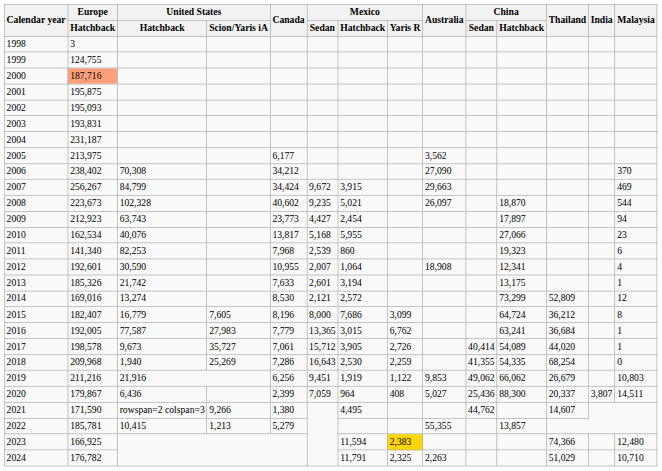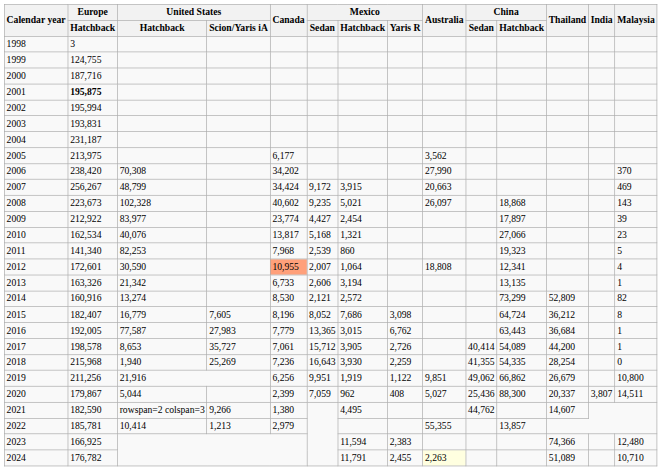 <table class="wikitable" style="text-align:left; font-size:90%;">
 <tr>
 <th rowspan=2>Calendar year</th>
 <th>Europe</th>
 <th colspan=2>United States</th>
 <th rowspan="2">Canada</th>
 <th colspan="3">Mexico</th>
 <th rowspan="2">Australia</th>
 <th colspan="2">China</th>
 <th rowspan="2">Thailand</th>
 <th rowspan="2">India</th>
 <th rowspan="2">Malaysia</th>
 </tr>
 <tr>
 <th>Hatchback</th>
 <th>Hatchback</th>
 <th>Scion/Yaris iA</th>
 <th>Sedan</th>
 <th>Hatchback</th>
 <th>Yaris R</th>
 <th>Sedan</th>
 <th>Hatchback</th>
 </tr>
 <tr>
 <td>1998</td>
 <td>3</td>
 <td></td>
 <td></td>
 <td></td>
 <td></td>
 <td></td>
 <td></td>
 <td></td>
 <td></td>
 <td></td>
 <td></td>
 <td></td>
 <td></td>
 </tr>
 <tr>
 <td>1999</td>
 <td>124,755</td>
 <td></td>
 <td></td>
 <td></td>
 <td></td>
 <td></td>
 <td></td>
 <td></td>
 <td></td>
 <td></td>
 <td></td>
 <td></td>
 <td></td>
 </tr>
 <tr>
 <td>2000</td>
-<td style="background: lightsalmon;">187,716</td>
+<td>187,716</td>
 <td></td>
 <td></td>
 <td></td>
 <td></td>
 <td></td>
 <td></td>
 <td></td>
 <td></td>
 <td></td>
 <td></td>
 <td></td>
 <td></td>
 </tr>
 <tr>
 <td>2001</td>
-<td>195,875</td>
+<td><strong>195,875</strong></td>
 <td></td>
 <td></td>
 <td></td>
 <td></td>
 <td></td>
 <td></td>
 <td></td>
 <td></td>
 <td></td>
 <td></td>
 <td></td>
 <td></td>
 </tr>
 <tr>
 <td>2002</td>
-<td>195,093</td>
+<td>195,994</td>
 <td></td>
 <td></td>
 <td></td>
 <td></td>
 <td></td>
 <td></td>
 <td></td>
 <td></td>
 <td></td>
 <td></td>
 <td></td>
 <td></td>
 </tr>
 <tr>
 <td>2003</td>
 <td>193,831</td>
 <td></td>
 <td></td>
 <td></td>
 <td></td>
 <td></td>
 <td></td>
 <td></td>
 <td></td>
 <td></td>
 <td></td>
 <td></td>
 <td></td>
 </tr>
 <tr>
 <td>2004</td>
 <td>231,187</td>
 <td></td>
 <td></td>
 <td></td>
 <td></td>
 <td></td>
 <td></td>
 <td></td>
 <td></td>
 <td></td>
 <td></td>
 <td></td>
 <td></td>
 </tr>
 <tr>
 <td>2005</td>
 <td>213,975</td>
 <td></td>
 <td></td>
 <td>6,177</td>
 <td></td>
 <td></td>
 <td></td>
 <td>3,562</td>
 <td></td>
 <td></td>
 <td></td>
 <td></td>
 <td></td>
 </tr>
 <tr>
 <td>2006</td>
-<td>238,402</td>
+<td>238,420</td>
 <td>70,308</td>
 <td></td>
-<td>34,212</td>
+<td>34,202</td>
 <td></td>
 <td></td>
 <td></td>
-<td>27,090</td>
+<td>27,990</td>
 <td></td>
 <td></td>
 <td></td>
 <td></td>
 <td>370</td>
 </tr>
 <tr>
 <td>2007</td>
 <td>256,267</td>
-<td>84,799</td>
+<td>48,799</td>
 <td></td>
 <td>34,424</td>
-<td>9,672</td>
+<td>9,172</td>
 <td>3,915</td>
 <td></td>
-<td>29,663</td>
+<td>20,663</td>
 <td></td>
 <td></td>
 <td></td>
 <td></td>
 <td>469</td>
 </tr>
 <tr>
 <td>2008</td>
 <td>223,673</td>
 <td>102,328</td>
 <td></td>
 <td>40,602</td>
 <td>9,235</td>
 <td>5,021</td>
 <td></td>
 <td>26,097</td>
 <td></td>
-<td>18,870</td>
+<td>18,868</td>
 <td></td>
 <td></td>
-<td>544</td>
+<td>143</td>
 </tr>
 <tr>
 <td>2009</td>
-<td>212,923</td>
-<td>63,743</td>
+<td>212,922</td>
+<td>83,977</td>
 <td></td>
-<td>23,773</td>
+<td>23,774</td>
 <td>4,427</td>
 <td>2,454</td>
 <td></td>
 <td></td>
 <td></td>
 <td>17,897</td>
 <td></td>
 <td></td>
-<td>94</td>
+<td>39</td>
 </tr>
 <tr>
 <td>2010</td>
 <td>162,534</td>
 <td>40,076</td>
 <td></td>
 <td>13,817</td>
 <td>5,168</td>
-<td>5,955</td>
+<td>1,321</td>
 <td></td>
 <td></td>
 <td></td>
 <td>27,066</td>
 <td></td>
 <td></td>
 <td>23</td>
 </tr>
 <tr>
 <td>2011</td>
 <td>141,340</td>
 <td>82,253</td>
 <td></td>
 <td>7,968</td>
 <td>2,539</td>
 <td>860</td>
 <td></td>
 <td></td>
 <td></td>
 <td>19,323</td>
 <td></td>
 <td></td>
-<td>6</td>
+<td>5</td>
 </tr>
 <tr>
 <td>2012</td>
-<td>192,601</td>
+<td>172,601</td>
 <td>30,590</td>
 <td></td>
-<td>10,955</td>
+<td style="background: lightsalmon;">10,955</td>
 <td>2,007</td>
 <td>1,064</td>
 <td></td>
-<td>18,908</td>
+<td>18,808</td>
 <td></td>
 <td>12,341</td>
 <td></td>
 <td></td>
 <td>4</td>
 </tr>
 <tr>
 <td>2013</td>
-<td>185,326</td>
-<td>21,742</td>
+<td>163,326</td>
+<td>21,342</td>
 <td></td>
-<td>7,633</td>
-<td>2,601</td>
+<td>6,733</td>
+<td>2,606</td>
 <td>3,194</td>
 <td></td>
 <td></td>
 <td></td>
-<td>13,175</td>
+<td>13,135</td>
 <td></td>
 <td></td>
 <td>1</td>
 </tr>
 <tr>
 <td>2014</td>
-<td>169,016</td>
+<td>160,916</td>
 <td>13,274</td>
 <td></td>
 <td>8,530</td>
 <td>2,121</td>
 <td>2,572</td>
 <td></td>
 <td></td>
 <td></td>
 <td>73,299</td>
 <td>52,809</td>
 <td></td>
-<td>12</td>
+<td>82</td>
 </tr>
 <tr>
 <td>2015</td>
 <td>182,407</td>
 <td>16,779</td>
 <td>7,605</td>
 <td>8,196</td>
-<td>8,000</td>
+<td>8,052</td>
 <td>7,686</td>
-<td>3,099</td>
+<td>3,098</td>
 <td></td>
 <td></td>
 <td>64,724</td>
 <td>36,212</td>
 <td></td>
 <td>8</td>
 </tr>
 <tr>
 <td>2016</td>
 <td>192,005</td>
 <td>77,587</td>
 <td>27,983</td>
 <td>7,779</td>
 <td>13,365</td>
 <td>3,015</td>
 <td>6,762</td>
 <td></td>
 <td></td>
-<td>63,241</td>
+<td>63,443</td>
 <td>36,684</td>
 <td></td>
 <td>1</td>
 </tr>
 <tr>
 <td>2017</td>
 <td>198,578</td>
-<td>9,673</td>
+<td>8,653</td>
 <td>35,727</td>
 <td>7,061</td>
 <td>15,712</td>
 <td>3,905</td>
 <td>2,726</td>
 <td></td>
 <td>40,414</td>
 <td>54,089</td>
-<td>44,020</td>
+<td>44,200</td>
 <td></td>
 <td>1</td>
 </tr>
 <tr>
 <td>2018</td>
-<td>209,968</td>
+<td>215,968</td>
 <td>1,940</td>
 <td>25,269</td>
-<td>7,286</td>
+<td>7,236</td>
 <td>16,643</td>
-<td>2,530</td>
+<td>3,930</td>
 <td>2,259</td>
 <td></td>
 <td>41,355</td>
 <td>54,335</td>
-<td>68,254</td>
+<td>28,254</td>
 <td></td>
 <td>0</td>
 </tr>
 <tr>
 <td>2019</td>
-<td>211,216</td>
+<td>211,256</td>
 <td colspan="2">21,916</td>
 <td>6,256</td>
-<td>9,451</td>
+<td>9,951</td>
 <td>1,919</td>
 <td>1,122</td>
-<td>9,853</td>
+<td>9,851</td>
 <td>49,062</td>
-<td>66,062</td>
+<td>66,862</td>
 <td>26,679</td>
 <td></td>
-<td>10,803</td>
+<td>10,800</td>
 </tr>
 <tr>
 <td>2020</td>
 <td>179,867</td>
-<td>6,436</td>
+<td>5,044</td>
 <td></td>
 <td>2,399</td>
 <td>7,059</td>
-<td>964</td>
+<td>962</td>
 <td>408</td>
 <td>5,027</td>
 <td>25,436</td>
 <td>88,300</td>
 <td>20,337</td>
 <td>3,807</td>
 <td>14,511</td>
 </tr>
 <tr>
 <td>2021</td>
-<td>171,590</td>
+<td>182,590</td>
 <td>rowspan=2 colspan=3 </td>
 <td>9,266</td>
 <td>1,380</td>
 <td rowspan="4"></td>
 <td>4,495</td>
 <td></td>
 <td></td>
 <td>44,762</td>
 <td></td>
 <td>14,607</td>
 </tr>
 <tr>
 <td>2022</td>
 <td>185,781</td>
-<td>10,415</td>
+<td>10,414</td>
 <td>1,213</td>
-<td>5,279</td>
+<td>2,979</td>
 <td></td>
 <td></td>
 <td>55,355</td>
 <td></td>
 <td>13,857</td>
 </tr>
 <tr>
 <td>2023</td>
 <td>166,925</td>
 <td colspan="3" rowspan="2"></td>
 <td>11,594</td>
-<td style="background: gold;">2,383</td>
+<td>2,383</td>
 <td></td>
 <td></td>
 <td></td>
 <td>74,366</td>
 <td></td>
 <td>12,480</td>
 </tr>
 <tr>
 <td>2024</td>
 <td>176,782</td>
 <td>11,791</td>
-<td>2,325</td>
-<td>2,263</td>
+<td>2,455</td>
+<td style="background: lightyellow;">2,263</td>
 <td></td>
 <td></td>
-<td>51,029</td>
+<td>51,089</td>
 <td></td>
 <td>10,710</td>
 </tr>
 </table>
